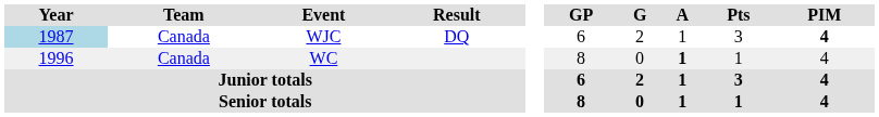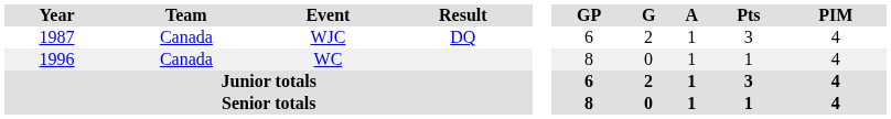 <table border="0" cellpadding="1" cellspacing="0" style="text-align:center; width:50em">
 <tr ALIGN="center" bgcolor="#e0e0e0">
 <th>Year</th>
 <th>Team</th>
 <th>Event</th>
 <th>Result</th>
 <th rowspan="99" bgcolor="#ffffff"> </th>
 <th>GP</th>
 <th>G</th>
 <th>A</th>
 <th>Pts</th>
 <th>PIM</th>
 </tr>
 <tr>
-<td style="background: lightblue;"><a href='#'>1987</a></td>
+<td><a href='#'>1987</a></td>
 <td><a href='#'>Canada</a></td>
 <td><a href='#'>WJC</a></td>
 <td><a href='#'>DQ</a></td>
 <td>6</td>
 <td>2</td>
 <td>1</td>
 <td>3</td>
-<td><strong>4</strong></td>
+<td>4</td>
 </tr>
 <tr style="background:#f0f0f0;">
 <td><a href='#'>1996</a></td>
 <td><a href='#'>Canada</a></td>
 <td><a href='#'>WC</a></td>
 <td></td>
 <td>8</td>
 <td>0</td>
-<td><strong>1</strong></td>
+<td>1</td>
 <td>1</td>
 <td>4</td>
 </tr>
 <tr bgcolor="#e0e0e0">
 <th colspan=4>Junior totals</th>
 <th>6</th>
 <th>2</th>
 <th>1</th>
 <th>3</th>
 <th>4</th>
 </tr>
 <tr bgcolor="#e0e0e0">
 <th colspan=4>Senior totals</th>
 <th>8</th>
 <th>0</th>
 <th>1</th>
 <th>1</th>
 <th>4</th>
 </tr>
 </table>
